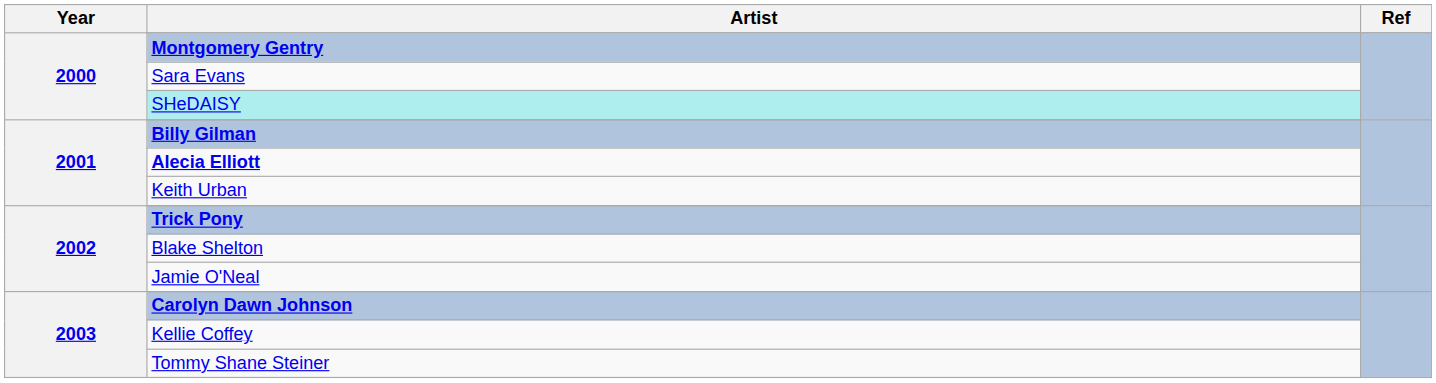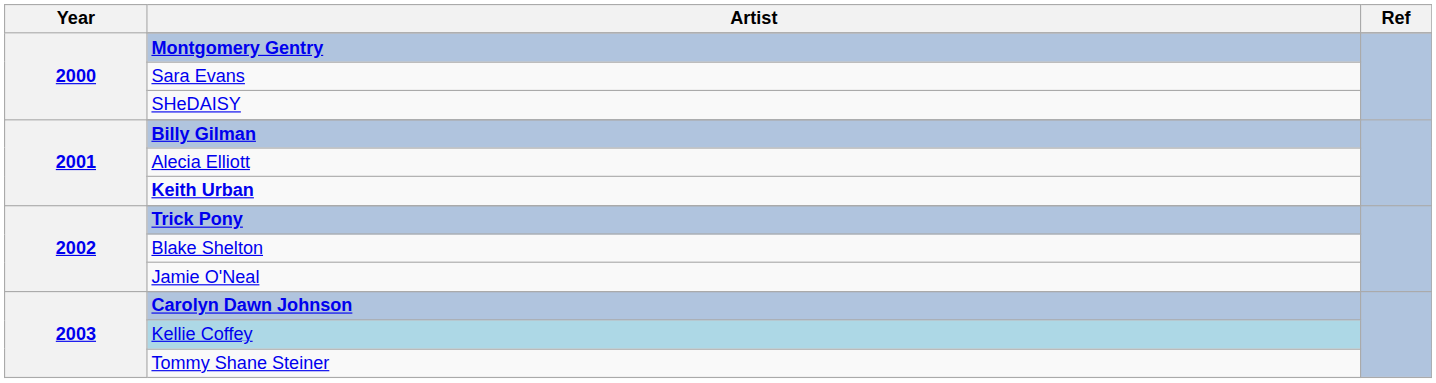 <table class="wikitable" width="100%">
 <tr>
 <th width="10%">Year</th>
 <th width="85%">Artist</th>
 <th width="5%">Ref</th>
 </tr>
 <tr>
 <th rowspan="4" align="center"><a href='#'>2000<br></a></th>
 </tr>
 <tr style="background:#B0C4DE">
 <td><strong><a href='#'>Montgomery Gentry</a></strong></td>
 <td rowspan="4" align="center"></td>
 </tr>
 <tr>
 <td><a href='#'>Sara Evans</a></td>
 </tr>
 <tr>
-<td style="background: paleturquoise;"><a href='#'>SHeDAISY</a></td>
+<td><a href='#'>SHeDAISY</a></td>
 </tr>
 <tr>
 <th rowspan="4" align="center"><a href='#'>2001<br></a></th>
 </tr>
 <tr style="background:#B0C4DE">
 <td><strong><a href='#'>Billy Gilman</a></strong></td>
 <td rowspan="4" align="center"></td>
 </tr>
 <tr>
-<td><strong><a href='#'>Alecia Elliott</a></strong></td>
+<td><a href='#'>Alecia Elliott</a></td>
 </tr>
 <tr>
-<td><a href='#'>Keith Urban</a></td>
+<td><strong><a href='#'>Keith Urban</a></strong></td>
 </tr>
 <tr>
 <th rowspan="4" align="center"><a href='#'>2002<br></a></th>
 </tr>
 <tr style="background:#B0C4DE">
 <td><strong><a href='#'>Trick Pony</a></strong></td>
 <td rowspan="4" align="center"></td>
 </tr>
 <tr>
 <td><a href='#'>Blake Shelton</a></td>
 </tr>
 <tr>
 <td><a href='#'>Jamie O'Neal</a></td>
 </tr>
 <tr>
 <th rowspan="4" align="center"><a href='#'>2003<br></a></th>
 </tr>
 <tr style="background:#B0C4DE">
 <td><strong><a href='#'>Carolyn Dawn Johnson</a></strong></td>
 <td rowspan="4" align="center"></td>
 </tr>
 <tr>
-<td><a href='#'>Kellie Coffey</a></td>
+<td style="background: lightblue;"><a href='#'>Kellie Coffey</a></td>
 </tr>
 <tr>
 <td><a href='#'>Tommy Shane Steiner</a></td>
 </tr>
 </table>
